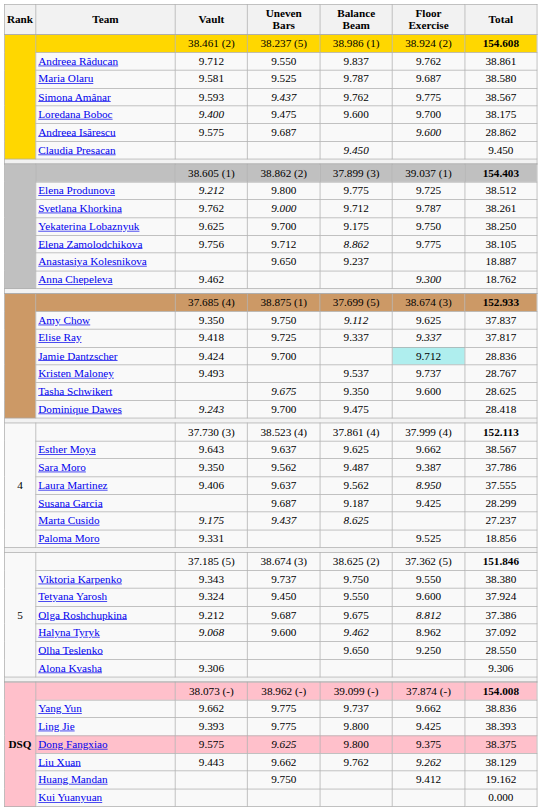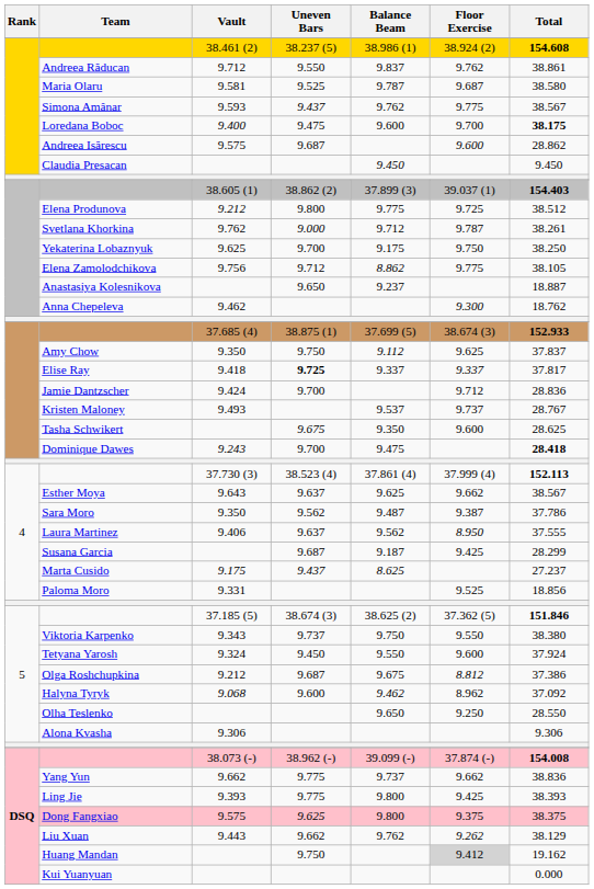 <table class="wikitable" style="text-align:center">
 <tr>
 <th>Rank</th>
 <th style="width:12em">Team</th>
 <th style="width:6em">Vault</th>
 <th style="width:6em">Uneven<br>Bars</th>
 <th style="width:6em">Balance<br>Beam</th>
 <th style="width:6em">Floor<br>Exercise</th>
 <th style="width:6em">Total</th>
 </tr>
 <tr>
 </tr>
 <tr bgcolor=gold>
 <td rowspan=7></td>
 <td align=left></td>
 <td>38.461 (2)</td>
 <td>38.237 (5)</td>
 <td>38.986 (1)</td>
 <td>38.924 (2)</td>
 <td><strong>154.608</strong></td>
 </tr>
 <tr>
 <td align=left><a href='#'>Andreea Răducan</a></td>
 <td>9.712</td>
 <td>9.550</td>
 <td>9.837</td>
 <td>9.762</td>
 <td>38.861</td>
 </tr>
 <tr>
 <td align=left><a href='#'>Maria Olaru</a></td>
 <td>9.581</td>
 <td>9.525</td>
 <td>9.787</td>
 <td>9.687</td>
 <td>38.580</td>
 </tr>
 <tr>
 <td align=left><a href='#'>Simona Amânar</a></td>
 <td>9.593</td>
 <td><em>9.437</em></td>
 <td>9.762</td>
 <td>9.775</td>
 <td>38.567</td>
 </tr>
 <tr>
 <td align=left><a href='#'>Loredana Boboc</a></td>
 <td><em>9.400</em></td>
 <td>9.475</td>
 <td>9.600</td>
 <td>9.700</td>
-<td>38.175</td>
+<td><strong>38.175</strong></td>
 </tr>
 <tr>
 <td align=left><a href='#'>Andreea Isărescu</a></td>
 <td>9.575</td>
 <td>9.687</td>
 <td></td>
 <td><em>9.600</em></td>
 <td>28.862</td>
 </tr>
 <tr>
 <td align=left><a href='#'>Claudia Presacan</a></td>
 <td></td>
 <td></td>
 <td><em>9.450</em></td>
 <td></td>
 <td>9.450</td>
 </tr>
 <tr>
 <th colspan=7></th>
 </tr>
 <tr>
 </tr>
 <tr bgcolor=silver>
 <td rowspan=7></td>
 <td align=left></td>
 <td>38.605 (1)</td>
 <td>38.862 (2)</td>
 <td>37.899 (3)</td>
 <td>39.037 (1)</td>
 <td><strong>154.403</strong></td>
 </tr>
 <tr>
 <td align=left><a href='#'>Elena Produnova</a></td>
 <td><em>9.212</em></td>
 <td>9.800</td>
 <td>9.775</td>
 <td>9.725</td>
 <td>38.512</td>
 </tr>
 <tr>
 <td align=left><a href='#'>Svetlana Khorkina</a></td>
 <td>9.762</td>
 <td><em>9.000</em></td>
 <td>9.712</td>
 <td>9.787</td>
 <td>38.261</td>
 </tr>
 <tr>
 <td align=left><a href='#'>Yekaterina Lobaznyuk</a></td>
 <td>9.625</td>
 <td>9.700</td>
 <td>9.175</td>
 <td>9.750</td>
 <td>38.250</td>
 </tr>
 <tr>
 <td align=left><a href='#'>Elena Zamolodchikova</a></td>
 <td>9.756</td>
 <td>9.712</td>
 <td><em>8.862</em></td>
 <td>9.775</td>
 <td>38.105</td>
 </tr>
 <tr>
 <td align=left><a href='#'>Anastasiya Kolesnikova</a></td>
 <td></td>
 <td>9.650</td>
 <td>9.237</td>
 <td></td>
 <td>18.887</td>
 </tr>
 <tr>
 <td align=left><a href='#'>Anna Chepeleva</a></td>
 <td>9.462</td>
 <td></td>
 <td></td>
 <td><em>9.300</em></td>
 <td>18.762</td>
 </tr>
 <tr>
 <th colspan=7></th>
 </tr>
 <tr>
 </tr>
 <tr bgcolor=#CC9966>
 <td rowspan=7></td>
 <td align=left></td>
 <td>37.685 (4)</td>
 <td>38.875 (1)</td>
 <td>37.699 (5)</td>
 <td>38.674 (3)</td>
 <td><strong>152.933</strong></td>
 </tr>
 <tr>
 <td align=left><a href='#'>Amy Chow</a></td>
 <td>9.350</td>
 <td>9.750</td>
 <td><em>9.112</em></td>
 <td>9.625</td>
 <td>37.837</td>
 </tr>
 <tr>
 <td align=left><a href='#'>Elise Ray</a></td>
 <td>9.418</td>
-<td>9.725</td>
+<td><strong>9.725</strong></td>
 <td>9.337</td>
 <td><em>9.337</em></td>
 <td>37.817</td>
 </tr>
 <tr>
 <td align=left><a href='#'>Jamie Dantzscher</a></td>
 <td>9.424</td>
 <td>9.700</td>
 <td></td>
-<td style="background: paleturquoise;">9.712</td>
+<td>9.712</td>
 <td>28.836</td>
 </tr>
 <tr>
 <td align=left><a href='#'>Kristen Maloney</a></td>
 <td>9.493</td>
 <td></td>
 <td>9.537</td>
 <td>9.737</td>
 <td>28.767</td>
 </tr>
 <tr>
 <td align=left><a href='#'>Tasha Schwikert</a></td>
 <td></td>
 <td><em>9.675</em></td>
 <td>9.350</td>
 <td>9.600</td>
 <td>28.625</td>
 </tr>
 <tr>
 <td align=left><a href='#'>Dominique Dawes</a></td>
 <td><em>9.243</em></td>
 <td>9.700</td>
 <td>9.475</td>
 <td></td>
-<td>28.418</td>
+<td><strong>28.418</strong></td>
 </tr>
 <tr>
 <th colspan=7></th>
 </tr>
 <tr>
 <td rowspan=7>4</td>
 <td align=left></td>
 <td>37.730 (3)</td>
 <td>38.523 (4)</td>
 <td>37.861 (4)</td>
 <td>37.999 (4)</td>
 <td><strong>152.113</strong></td>
 </tr>
 <tr>
 <td align=left><a href='#'>Esther Moya</a></td>
 <td>9.643</td>
 <td>9.637</td>
 <td>9.625</td>
 <td>9.662</td>
 <td>38.567</td>
 </tr>
 <tr>
 <td align=left><a href='#'>Sara Moro</a></td>
 <td>9.350</td>
 <td>9.562</td>
 <td>9.487</td>
 <td>9.387</td>
 <td>37.786</td>
 </tr>
 <tr>
 <td align=left><a href='#'>Laura Martinez</a></td>
 <td>9.406</td>
 <td>9.637</td>
 <td>9.562</td>
 <td><em>8.950</em></td>
 <td>37.555</td>
 </tr>
 <tr>
 <td align=left><a href='#'>Susana Garcia</a></td>
 <td></td>
 <td>9.687</td>
 <td>9.187</td>
 <td>9.425</td>
 <td>28.299</td>
 </tr>
 <tr>
 <td align=left><a href='#'>Marta Cusido</a></td>
 <td><em>9.175</em></td>
 <td><em>9.437</em></td>
 <td><em>8.625</em></td>
 <td></td>
 <td>27.237</td>
 </tr>
 <tr>
 <td align=left><a href='#'>Paloma Moro</a></td>
 <td>9.331</td>
 <td></td>
 <td></td>
 <td>9.525</td>
 <td>18.856</td>
 </tr>
 <tr>
 <th colspan=7></th>
 </tr>
 <tr>
 <td rowspan=7>5</td>
 <td align=left></td>
 <td>37.185 (5)</td>
 <td>38.674 (3)</td>
 <td>38.625 (2)</td>
 <td>37.362 (5)</td>
 <td><strong>151.846</strong></td>
 </tr>
 <tr>
 <td align=left><a href='#'>Viktoria Karpenko</a></td>
 <td>9.343</td>
 <td>9.737</td>
 <td>9.750</td>
 <td>9.550</td>
 <td>38.380</td>
 </tr>
 <tr>
 <td align=left><a href='#'>Tetyana Yarosh</a></td>
 <td>9.324</td>
 <td>9.450</td>
 <td>9.550</td>
 <td>9.600</td>
 <td>37.924</td>
 </tr>
 <tr>
 <td align=left><a href='#'>Olga Roshchupkina</a></td>
 <td>9.212</td>
 <td>9.687</td>
 <td>9.675</td>
 <td><em>8.812</em></td>
 <td>37.386</td>
 </tr>
 <tr>
 <td align=left><a href='#'>Halyna Tyryk</a></td>
 <td><em>9.068</em></td>
 <td>9.600</td>
 <td><em>9.462</em></td>
 <td>8.962</td>
 <td>37.092</td>
 </tr>
 <tr>
 <td align=left><a href='#'>Olha Teslenko</a></td>
 <td></td>
 <td></td>
 <td>9.650</td>
 <td>9.250</td>
 <td>28.550</td>
 </tr>
 <tr>
 <td align=left><a href='#'>Alona Kvasha</a></td>
 <td>9.306</td>
 <td></td>
 <td></td>
 <td></td>
 <td>9.306</td>
 </tr>
 <tr>
 <th colspan=7></th>
 </tr>
 <tr>
 </tr>
 <tr bgcolor=pink>
 <td rowspan=7><strong>DSQ</strong></td>
 <td align=left></td>
 <td>38.073 (-)</td>
 <td>38.962 (-)</td>
 <td>39.099 (-)</td>
 <td>37.874 (-)</td>
 <td><strong>154.008</strong></td>
 </tr>
 <tr>
 <td align=left><a href='#'>Yang Yun</a></td>
 <td>9.662</td>
 <td>9.775</td>
 <td>9.737</td>
 <td>9.662</td>
 <td>38.836</td>
 </tr>
 <tr>
 <td align=left><a href='#'>Ling Jie</a></td>
 <td>9.393</td>
 <td>9.775</td>
 <td>9.800</td>
 <td>9.425</td>
 <td>38.393</td>
 </tr>
 <tr bgcolor=pink>
 <td align=left><a href='#'>Dong Fangxiao</a></td>
 <td>9.575</td>
 <td><em>9.625</em></td>
 <td>9.800</td>
 <td>9.375</td>
 <td>38.375</td>
 </tr>
 <tr>
 <td align=left><a href='#'>Liu Xuan</a></td>
 <td>9.443</td>
 <td>9.662</td>
 <td>9.762</td>
 <td><em>9.262</em></td>
 <td>38.129</td>
 </tr>
 <tr>
 <td align=left><a href='#'>Huang Mandan</a></td>
 <td></td>
 <td>9.750</td>
 <td></td>
-<td>9.412</td>
+<td style="background: lightgrey;">9.412</td>
 <td>19.162</td>
 </tr>
 <tr>
 <td align=left><a href='#'>Kui Yuanyuan</a></td>
 <td></td>
 <td></td>
 <td></td>
 <td></td>
 <td>0.000</td>
 </tr>
 </table>
